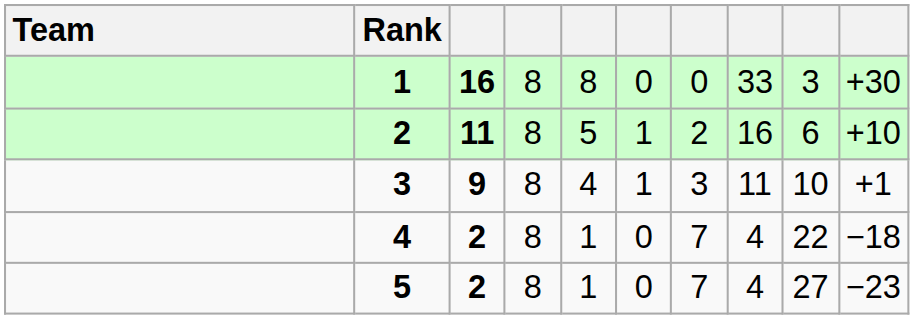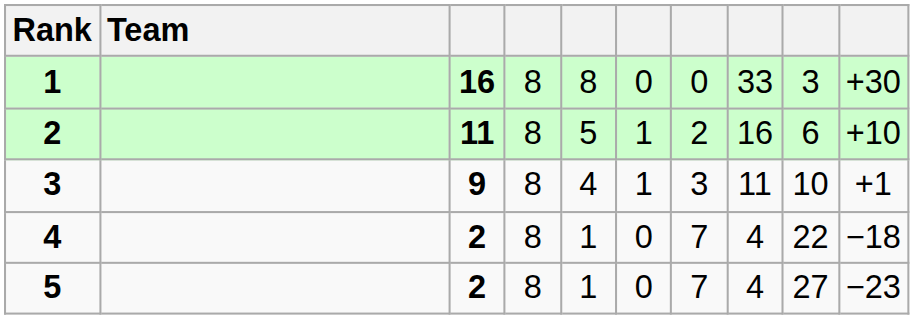 <table class="wikitable" style="text-align: center;">
 <tr>
+<th width=30>Rank</th>
 <th width=165 style="text-align:left;">Team</th>
-<th width=30>Rank</th>
 <th width=20></th>
 <th width=20></th>
 <th width=20></th>
 <th width=20></th>
 <th width=20></th>
 <th width=20></th>
 <th width=20></th>
 <th width=20></th>
 </tr>
 <tr style="background:#ccffcc;">
+<td><strong>1</strong></td>
 <td style="text-align:left;"></td>
-<td><strong>1</strong></td>
 <td><strong>16</strong></td>
 <td>8</td>
 <td>8</td>
 <td>0</td>
 <td>0</td>
 <td>33</td>
 <td>3</td>
 <td>+30</td>
 </tr>
 <tr style="background:#ccffcc;">
+<td><strong>2</strong></td>
 <td style="text-align:left;"></td>
-<td><strong>2</strong></td>
 <td><strong>11</strong></td>
 <td>8</td>
 <td>5</td>
 <td>1</td>
 <td>2</td>
 <td>16</td>
 <td>6</td>
 <td>+10</td>
 </tr>
 <tr>
+<td><strong>3</strong></td>
 <td style="text-align:left;"></td>
-<td><strong>3</strong></td>
 <td><strong>9</strong></td>
 <td>8</td>
 <td>4</td>
 <td>1</td>
 <td>3</td>
 <td>11</td>
 <td>10</td>
 <td>+1</td>
 </tr>
 <tr>
+<td><strong>4</strong></td>
 <td style="text-align:left;"></td>
-<td><strong>4</strong></td>
 <td><strong>2</strong></td>
 <td>8</td>
 <td>1</td>
 <td>0</td>
 <td>7</td>
 <td>4</td>
 <td>22</td>
 <td>−18</td>
 </tr>
 <tr>
+<td><strong>5</strong></td>
 <td style="text-align:left;"></td>
-<td><strong>5</strong></td>
 <td><strong>2</strong></td>
 <td>8</td>
 <td>1</td>
 <td>0</td>
 <td>7</td>
 <td>4</td>
 <td>27</td>
 <td>−23</td>
 </tr>
 </table>
